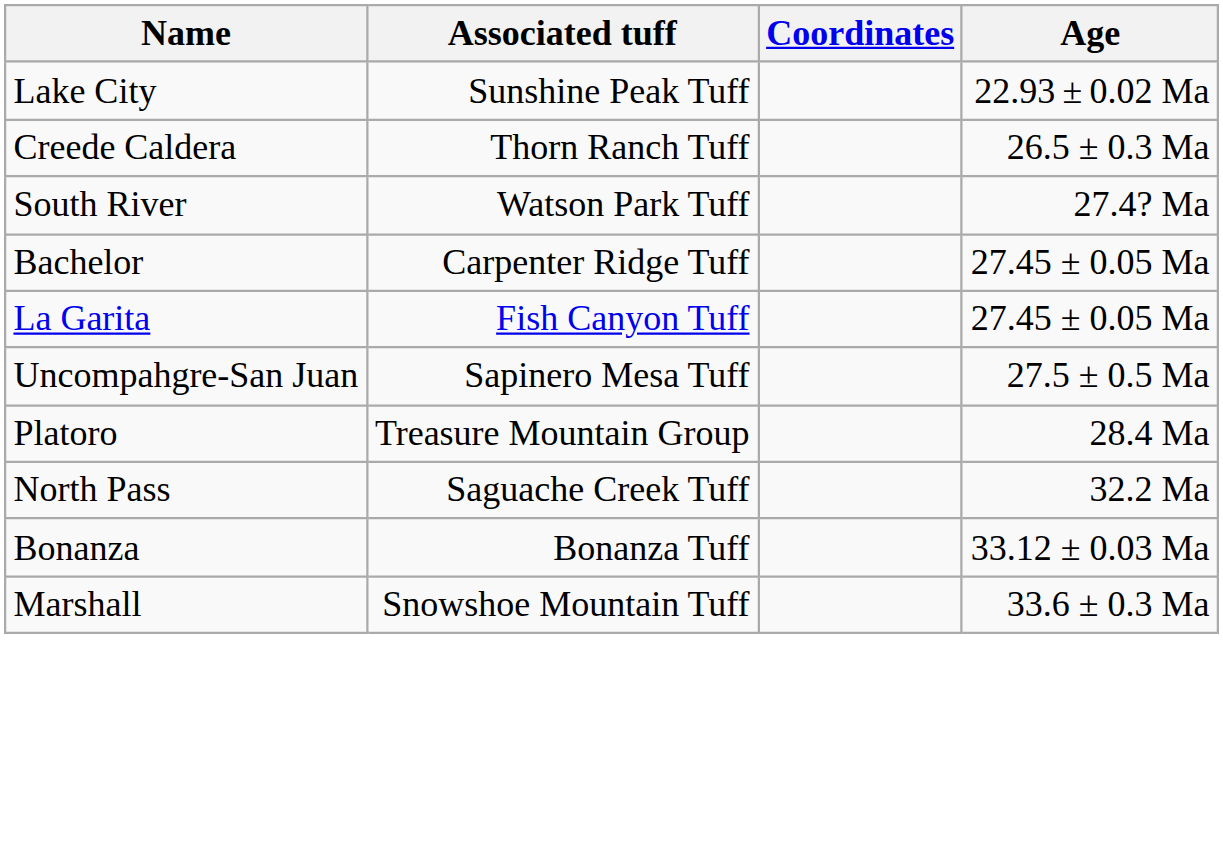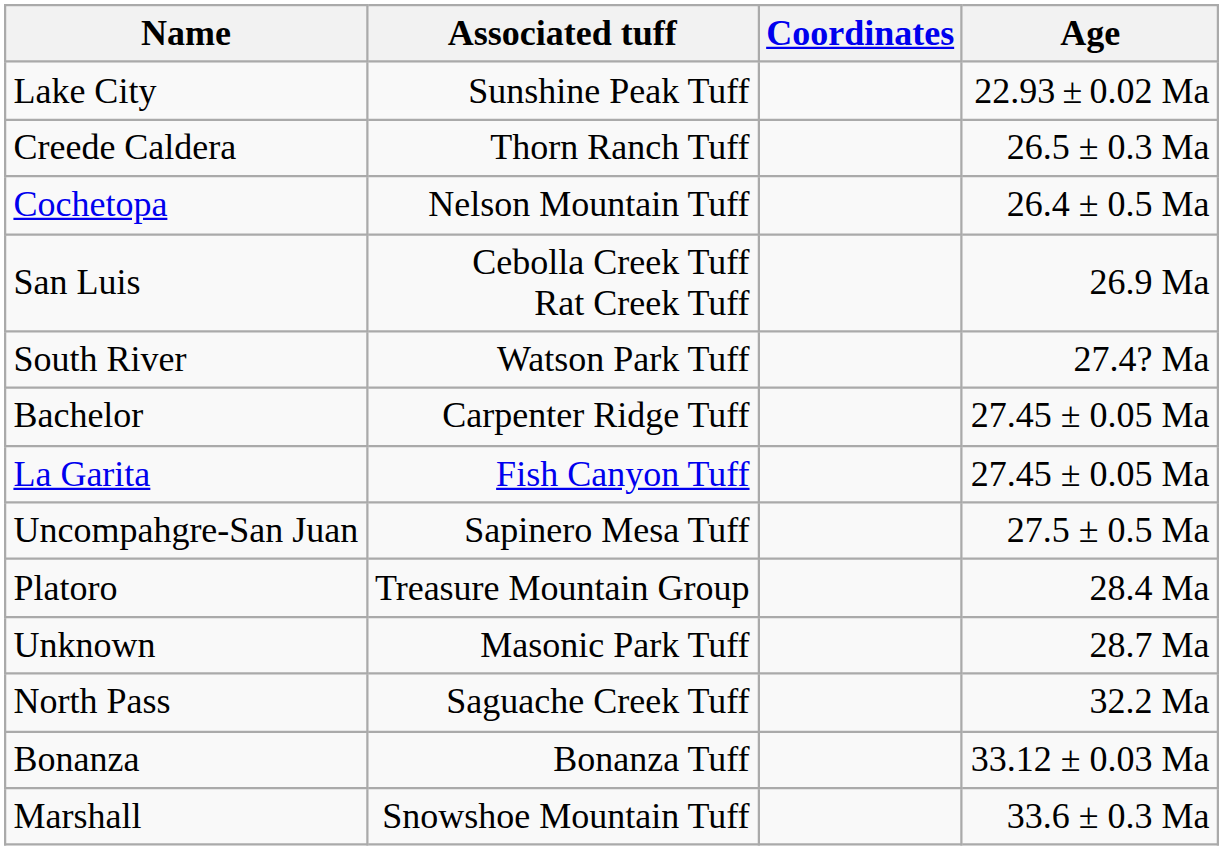 <table class="wikitable">
 <tr>
 <th>Name</th>
 <th>Associated tuff</th>
 <th><a href='#'>Coordinates</a></th>
 <th>Age</th>
 </tr>
 <tr align="right">
 <td align="left">Lake City</td>
 <td>Sunshine Peak Tuff</td>
 <td></td>
 <td>22.93 ± 0.02 Ma</td>
 </tr>
 <tr align="right">
 <td align="left">Creede Caldera</td>
 <td>Thorn Ranch Tuff</td>
 <td></td>
 <td>26.5 ± 0.3 Ma</td>
+</tr>
+<tr align="right">
+<td align="left"><a href='#'>Cochetopa</a></td>
+<td>Nelson Mountain Tuff</td>
+<td></td>
+<td>26.4 ± 0.5 Ma</td>
+</tr>
+<tr align="right">
+<td align="left">San Luis</td>
+<td>Cebolla Creek Tuff<br>Rat Creek Tuff</td>
+<td></td>
+<td>26.9 Ma</td>
 </tr>
 <tr align="right">
 <td align="left">South River</td>
 <td>Watson Park Tuff</td>
 <td></td>
 <td>27.4? Ma</td>
 </tr>
 <tr align="right">
 <td align="left">Bachelor</td>
 <td>Carpenter Ridge Tuff</td>
 <td></td>
 <td>27.45 ± 0.05 Ma</td>
 </tr>
 <tr align="right">
 <td align="left"><a href='#'>La Garita</a></td>
 <td><a href='#'>Fish Canyon Tuff</a></td>
 <td></td>
 <td>27.45 ± 0.05 Ma</td>
 </tr>
 <tr align="right">
 <td align="left">Uncompahgre-San Juan</td>
 <td>Sapinero Mesa Tuff</td>
 <td></td>
 <td>27.5 ± 0.5 Ma</td>
 </tr>
 <tr align="right">
 <td align="left">Platoro</td>
 <td>Treasure Mountain Group</td>
 <td></td>
 <td>28.4 Ma</td>
 </tr>
 <tr align="right">
+<td align="left">Unknown</td>
+<td>Masonic Park Tuff</td>
+<td></td>
+<td>28.7 Ma</td>
+</tr>
+<tr align="right">
 <td align="left">North Pass</td>
 <td>Saguache Creek Tuff</td>
 <td></td>
 <td>32.2 Ma</td>
 </tr>
 <tr align="right">
 <td align="left">Bonanza</td>
 <td>Bonanza Tuff</td>
 <td></td>
 <td>33.12 ± 0.03 Ma</td>
 </tr>
 <tr align="right">
 <td align="left">Marshall</td>
 <td>Snowshoe Mountain Tuff</td>
 <td></td>
 <td>33.6 ± 0.3 Ma</td>
 </tr>
 </table>
